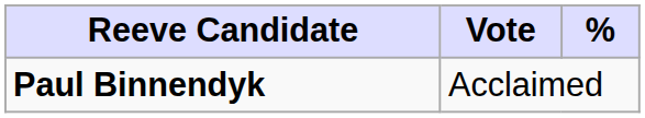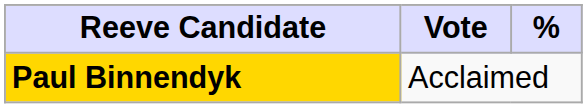 <table class="wikitable">
 <tr>
 <th style="background:#ddf; width:200px;">Reeve Candidate</th>
 <th style="background:#ddf; width:50px;">Vote</th>
 <th style="background:#ddf; width:30px;">%</th>
 </tr>
 <tr>
-<td><strong>Paul Binnendyk</strong></td>
+<td style="background: gold;"><strong>Paul Binnendyk</strong></td>
 <td colspan="2">Acclaimed</td>
 </tr>
 </table>
